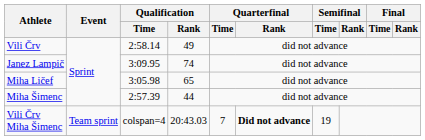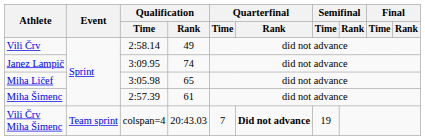 <table class=wikitable style="font-size:90%; text-align:center">
 <tr>
 <th rowspan=2>Athlete</th>
 <th rowspan=2>Event</th>
 <th colspan=2>Qualification</th>
 <th colspan=2>Quarterfinal</th>
 <th colspan=2>Semifinal</th>
 <th colspan=2>Final</th>
 </tr>
 <tr style=font-size:95%>
 <th>Time</th>
 <th>Rank</th>
 <th>Time</th>
 <th>Rank</th>
 <th>Time</th>
 <th>Rank</th>
 <th>Time</th>
 <th>Rank</th>
 </tr>
 <tr>
 <td align=left><a href='#'>Vili Črv</a></td>
 <td align=left rowspan=4><a href='#'>Sprint</a></td>
 <td>2:58.14</td>
 <td>49</td>
 <td colspan=6>did not advance</td>
 </tr>
 <tr>
 <td align=left><a href='#'>Janez Lampič</a></td>
 <td>3:09.95</td>
 <td>74</td>
 <td colspan=6>did not advance</td>
 </tr>
 <tr>
 <td align=left><a href='#'>Miha Ličef</a></td>
 <td>3:05.98</td>
 <td>65</td>
 <td colspan=6>did not advance</td>
 </tr>
 <tr>
 <td align=left><a href='#'>Miha Šimenc</a></td>
 <td>2:57.39</td>
-<td>44</td>
+<td>61</td>
 <td colspan=6>did not advance</td>
 </tr>
 <tr>
 <td align=left><a href='#'>Vili Črv</a><br><a href='#'>Miha Šimenc</a></td>
 <td align=left><a href='#'>Team sprint</a></td>
 <td>colspan=4 </td>
 <td>20:43.03</td>
 <td>7</td>
 <td><strong>Did not advance</strong></td>
 <td>19</td>
 </tr>
 </table>
